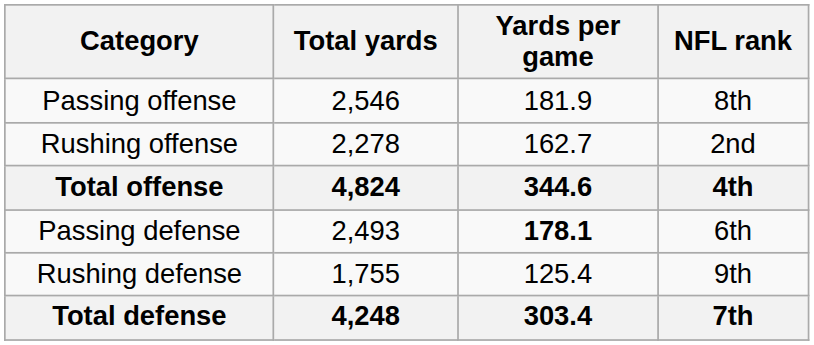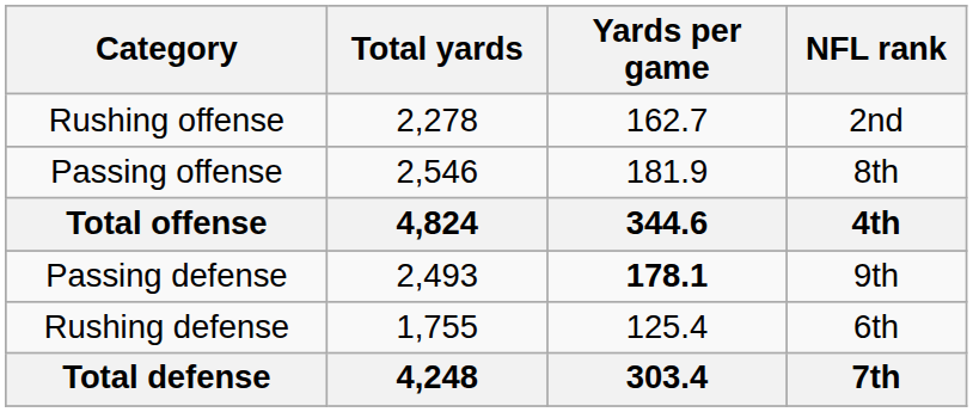 <table class="wikitable" style="text-align:center">
 <tr>
 <th width=150px>Category</th>
 <th width=100px>Total yards</th>
 <th width=110px>Yards per game</th>
 <th width=80px>NFL rank<br></th>
 </tr>
 <tr>
+<td>Rushing offense</td>
+<td>2,278</td>
+<td>162.7</td>
+<td>2nd</td>
+</tr>
+<tr>
 <td>Passing offense</td>
 <td>2,546</td>
 <td>181.9</td>
 <td>8th</td>
-</tr>
-<tr>
-<td>Rushing offense</td>
-<td>2,278</td>
-<td>162.7</td>
-<td>2nd</td>
 </tr>
 <tr>
 <th>Total offense</th>
 <th>4,824</th>
 <th>344.6</th>
 <th>4th</th>
 </tr>
 <tr>
 <td>Passing defense</td>
 <td>2,493</td>
 <td><strong>178.1</strong></td>
-<td>6th</td>
+<td>9th</td>
 </tr>
 <tr>
 <td>Rushing defense</td>
 <td>1,755</td>
 <td>125.4</td>
-<td>9th</td>
+<td>6th</td>
 </tr>
 <tr>
 <th>Total defense</th>
 <th>4,248</th>
 <th>303.4</th>
 <th>7th</th>
 </tr>
 </table>
